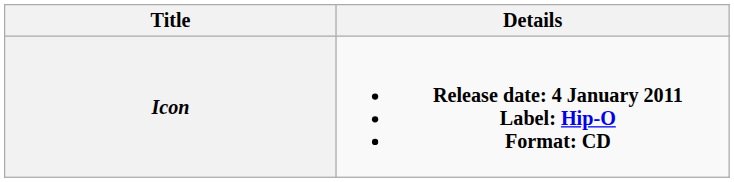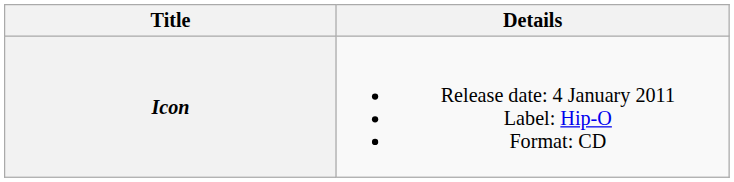 <table class="wikitable plainrowheaders" style="text-align:center;">
 <tr>
 <th scope="col" style="width:16em;">Title</th>
 <th scope="col" style="width:19em;">Details</th>
 </tr>
 <tr>
 <th scope="row"><em>Icon</em> </th>
-<td><strong><br><ul><li>Release date: 4 January 2011</li><li>Label: <a href='#'>Hip-O</a></li><li>Format: CD</li></ul></strong></td>
+<td><br><ul><li>Release date: 4 January 2011</li><li>Label: <a href='#'>Hip-O</a></li><li>Format: CD</li></ul></td>
 </tr>
 </table>
